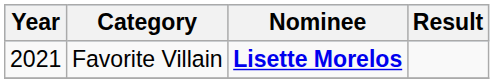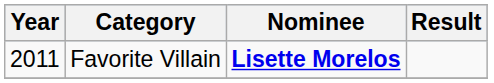 <table class="wikitable">
 <tr style="background:#b0c4de;">
 <th>Year</th>
 <th>Category</th>
 <th>Nominee</th>
 <th>Result</th>
 </tr>
 <tr>
-<td>2021</td>
+<td>2011</td>
 <td>Favorite Villain</td>
 <td><strong><a href='#'>Lisette Morelos</a></strong></td>
 <td></td>
 </tr>
 <tr>
 </tr>
 </table>
